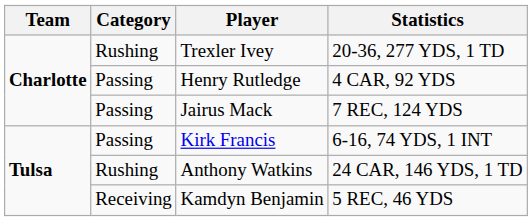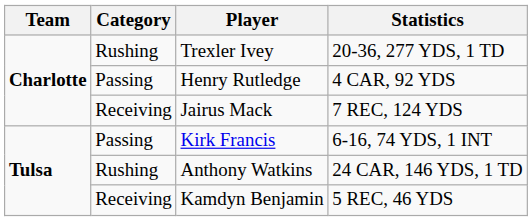 <table class="wikitable" style="float: left;">
 <tr>
 <th>Team</th>
 <th>Category</th>
 <th>Player</th>
 <th>Statistics</th>
 </tr>
 <tr>
 <td rowspan=3><strong>Charlotte</strong></td>
 <td>Rushing</td>
 <td>Trexler Ivey</td>
 <td>20-36, 277 YDS, 1 TD</td>
 </tr>
 <tr>
 <td>Passing</td>
 <td>Henry Rutledge</td>
 <td>4 CAR, 92 YDS</td>
 </tr>
 <tr>
-<td>Passing</td>
+<td>Receiving</td>
 <td>Jairus Mack</td>
 <td>7 REC, 124 YDS</td>
 </tr>
 <tr>
 <td rowspan=3><strong>Tulsa</strong></td>
 <td>Passing</td>
 <td><a href='#'>Kirk Francis</a></td>
 <td>6-16, 74 YDS, 1 INT</td>
 </tr>
 <tr>
 <td>Rushing</td>
 <td>Anthony Watkins</td>
 <td>24 CAR, 146 YDS, 1 TD</td>
 </tr>
 <tr>
 <td>Receiving</td>
 <td>Kamdyn Benjamin</td>
 <td>5 REC, 46 YDS</td>
 </tr>
 </table>
